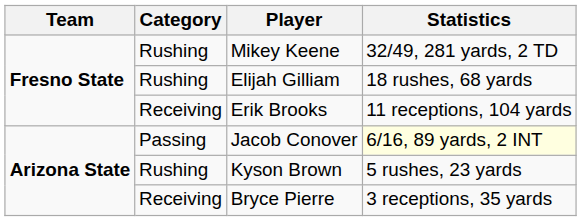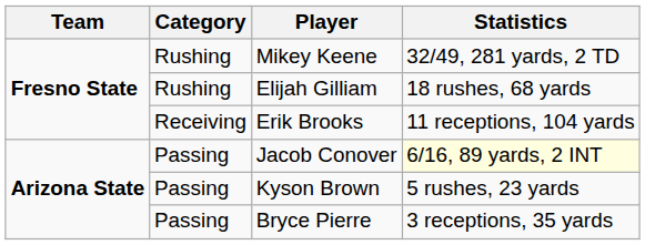 <table class="wikitable" style="float: right;">
 <tr>
 <th>Team</th>
 <th>Category</th>
 <th>Player</th>
 <th>Statistics</th>
 </tr>
 <tr>
 <td rowspan=3><strong>Fresno State</strong></td>
 <td>Rushing</td>
 <td>Mikey Keene</td>
 <td>32/49, 281 yards, 2 TD</td>
 </tr>
 <tr>
 <td>Rushing</td>
 <td>Elijah Gilliam</td>
 <td>18 rushes, 68 yards</td>
 </tr>
 <tr>
 <td>Receiving</td>
 <td>Erik Brooks</td>
 <td>11 receptions, 104 yards</td>
 </tr>
 <tr>
 <td rowspan=3><strong>Arizona State</strong></td>
 <td>Passing</td>
 <td>Jacob Conover</td>
 <td style="background: lightyellow;">6/16, 89 yards, 2 INT</td>
 </tr>
 <tr>
-<td>Rushing</td>
+<td>Passing</td>
 <td>Kyson Brown</td>
 <td>5 rushes, 23 yards</td>
 </tr>
 <tr>
-<td>Receiving</td>
+<td>Passing</td>
 <td>Bryce Pierre</td>
 <td>3 receptions, 35 yards</td>
 </tr>
 </table>
